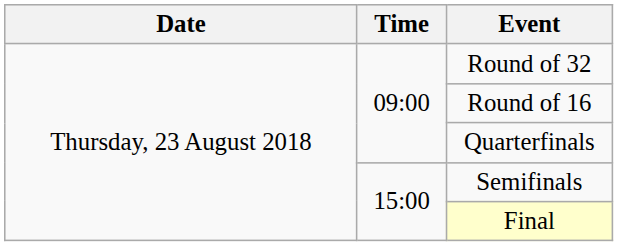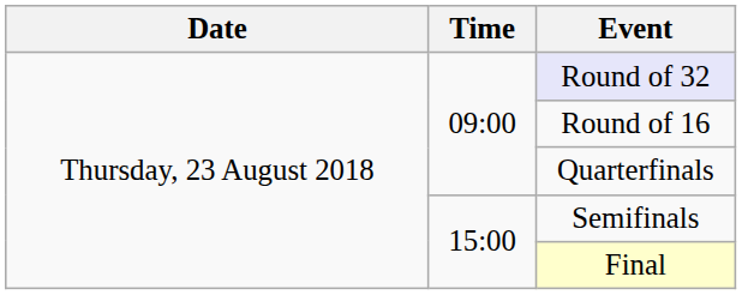 <table class = "wikitable" style="text-align:center;">
 <tr>
 <th width=220>Date</th>
 <th width=50>Time</th>
 <th width=100>Event</th>
 </tr>
 <tr>
 <td rowspan=5>Thursday, 23 August 2018</td>
 <td rowspan=3>09:00</td>
-<td>Round of 32</td>
+<td style="background: lavender;">Round of 32</td>
 </tr>
 <tr>
 <td>Round of 16</td>
 </tr>
 <tr>
 <td>Quarterfinals</td>
 </tr>
 <tr>
 <td rowspan=2>15:00</td>
 <td>Semifinals</td>
 </tr>
 <tr>
 <td bgcolor=ffffcc>Final</td>
 </tr>
 </table>
